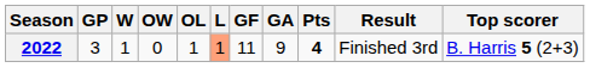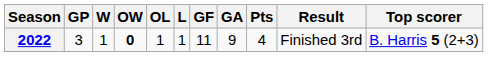 <table class="wikitable collapsible" style="text-align: center; font-size: 95%">
 <tr>
 <th>Season</th>
 <th>GP</th>
 <th>W</th>
 <th>OW</th>
 <th>OL</th>
 <th>L</th>
 <th>GF</th>
 <th>GA</th>
 <th>Pts</th>
 <th>Result</th>
 <th>Top scorer</th>
 </tr>
 <tr>
 <th><a href='#'>2022</a></th>
 <td>3</td>
 <td>1</td>
-<td>0</td>
+<td><strong>0</strong></td>
 <td>1</td>
-<td style="background: lightsalmon;">1</td>
+<td>1</td>
 <td>11</td>
 <td>9</td>
-<td><strong>4</strong></td>
+<td>4</td>
 <td align=left>Finished 3rd</td>
 <td> <a href='#'>B. Harris</a> <strong>5</strong> (2+3)</td>
 </tr>
 <tr>
 </tr>
 </table>
